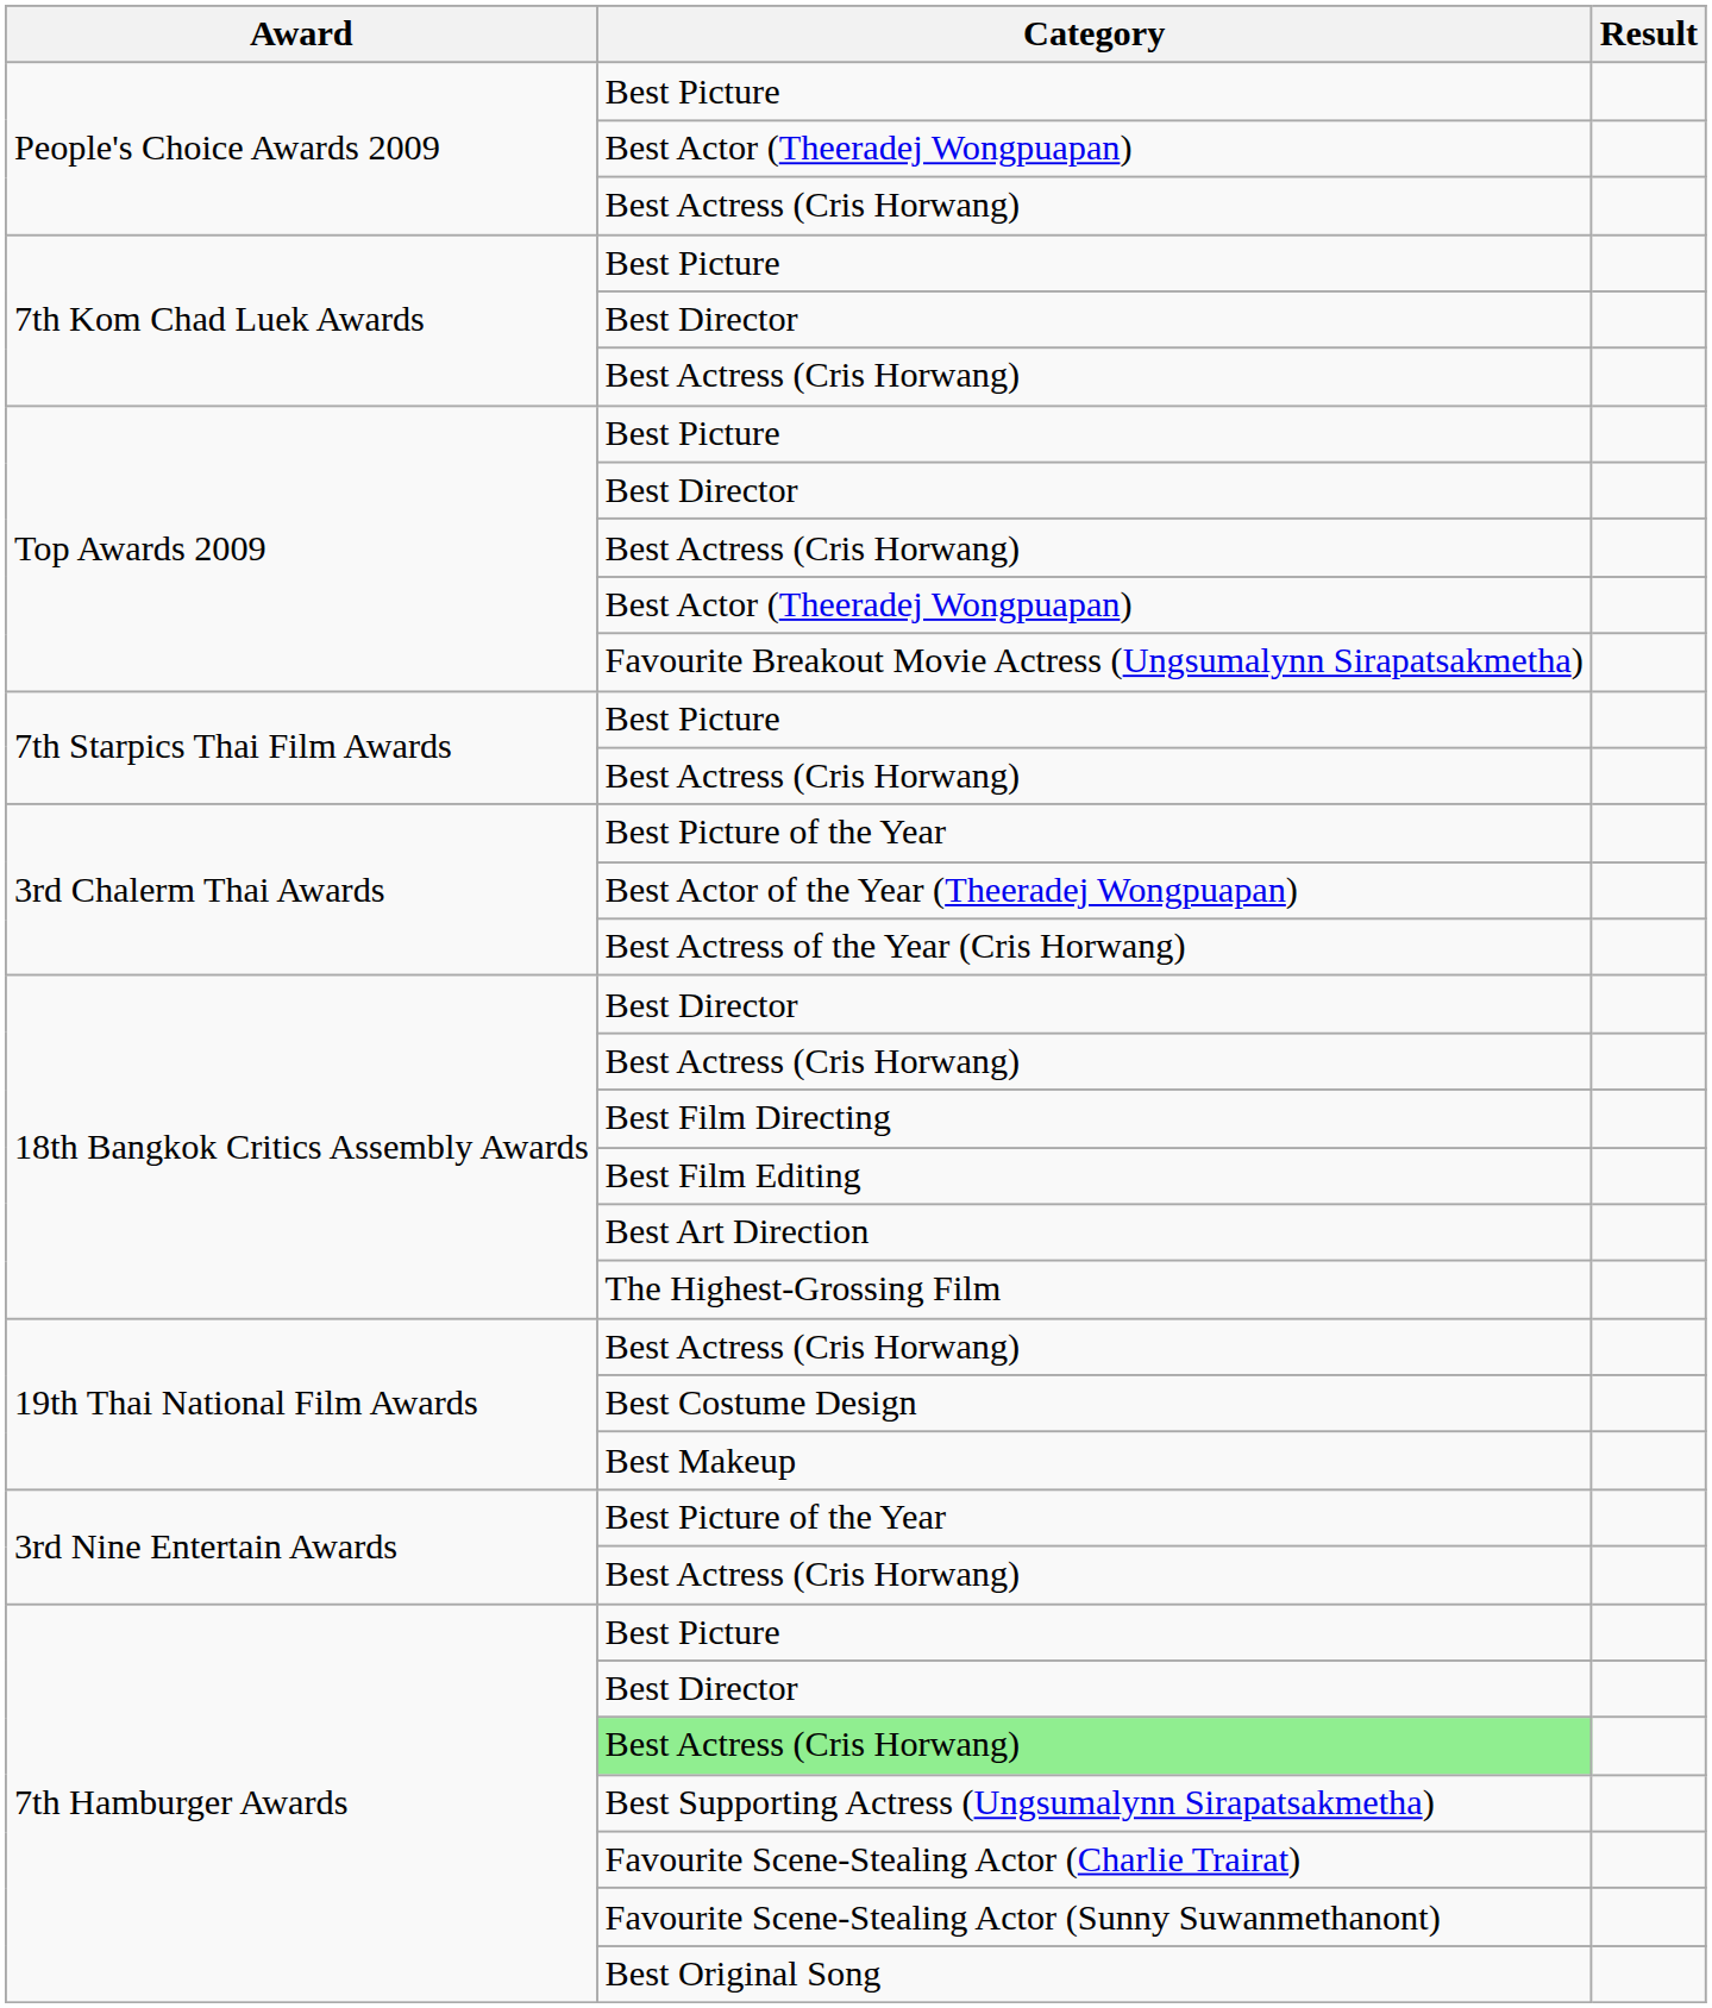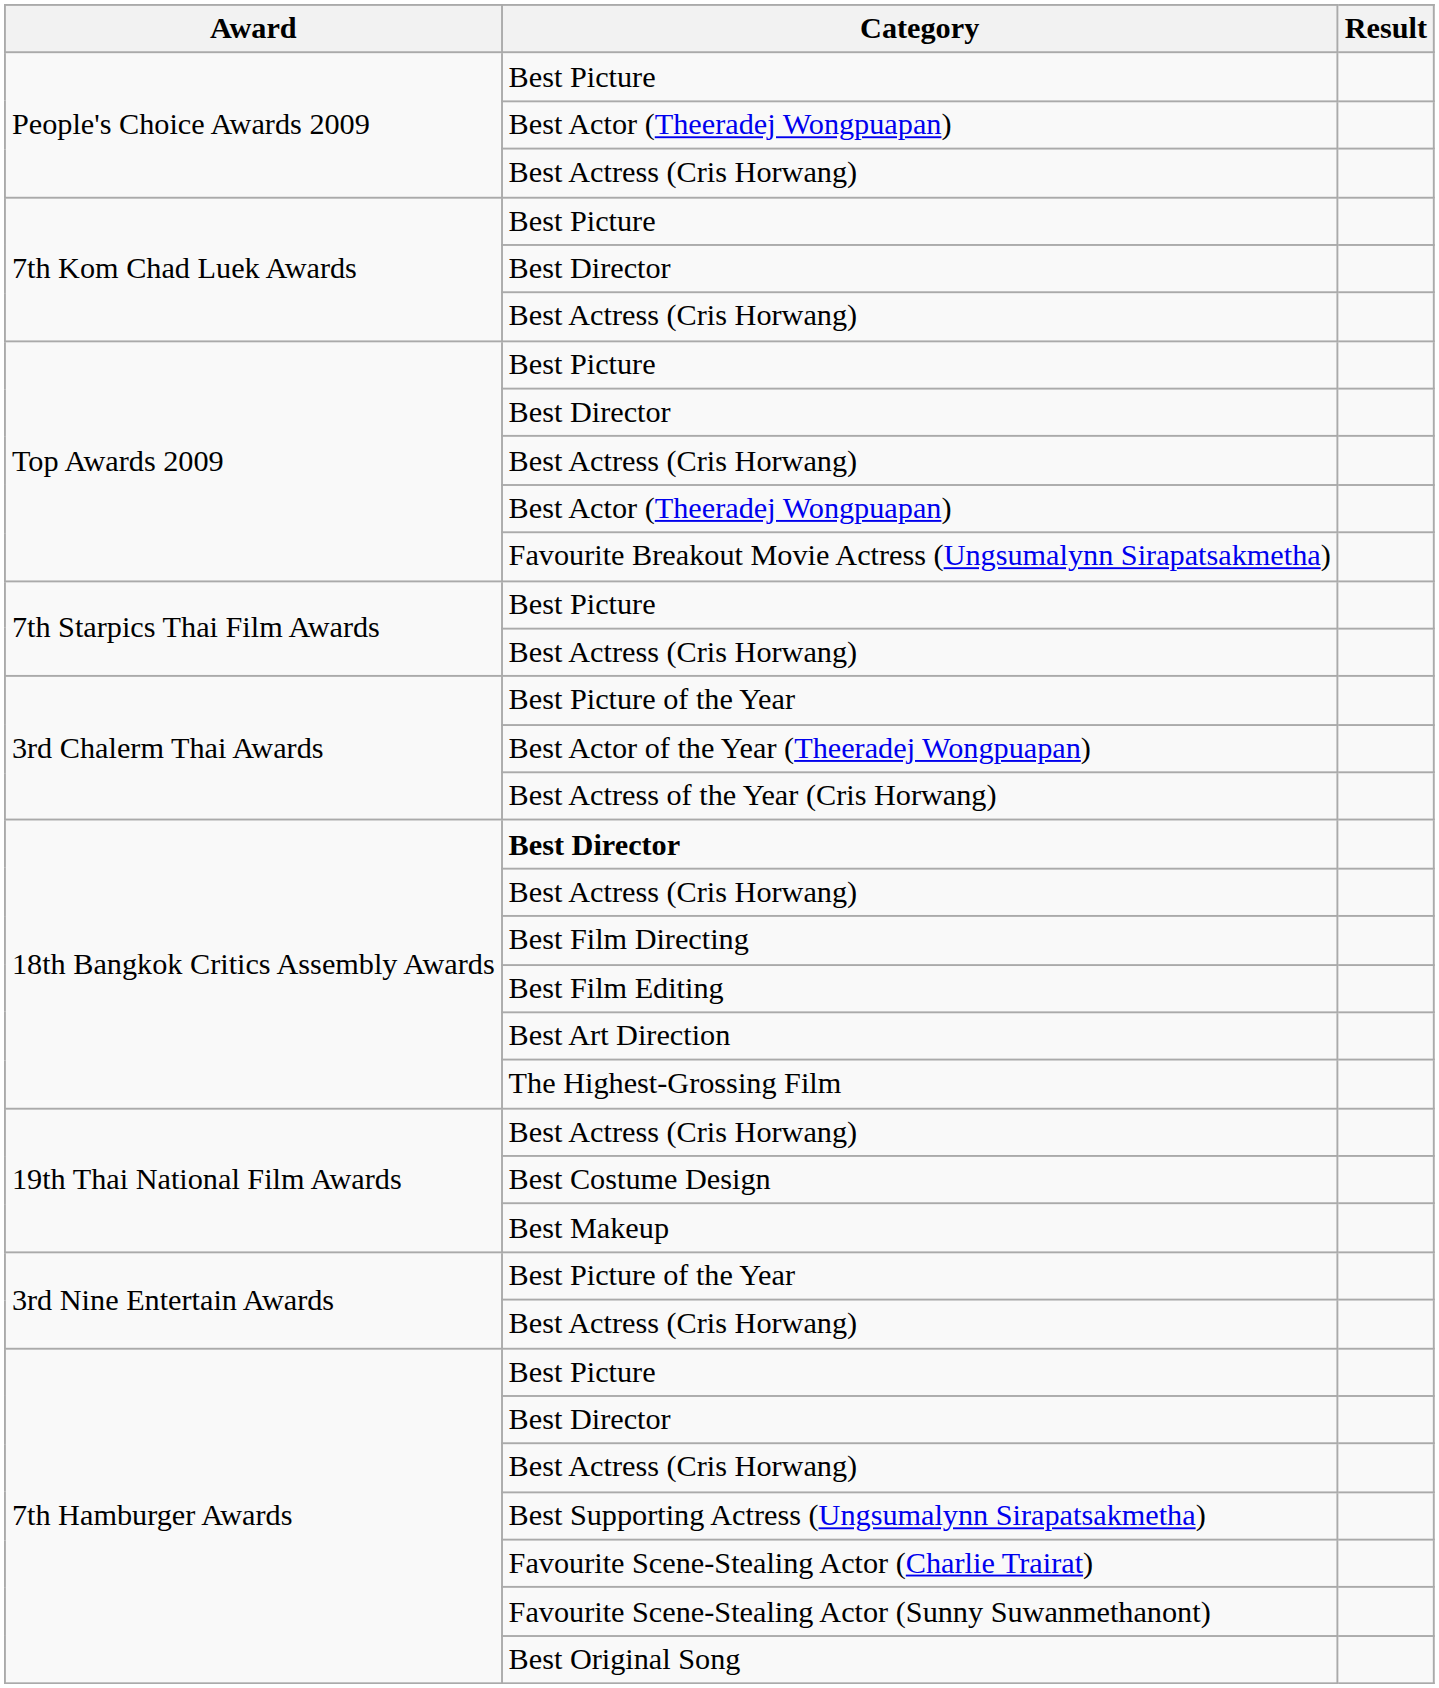 <table class="wikitable">
 <tr>
 <th>Award</th>
 <th>Category</th>
 <th>Result</th>
 </tr>
 <tr>
 <td rowspan="3">People's Choice Awards 2009</td>
 <td>Best Picture</td>
 <td></td>
 </tr>
 <tr>
 <td>Best Actor (<a href='#'>Theeradej Wongpuapan</a>)</td>
 <td></td>
 </tr>
 <tr>
 <td>Best Actress (Cris Horwang)</td>
 <td></td>
 </tr>
 <tr>
 <td rowspan="3">7th Kom Chad Luek Awards</td>
 <td>Best Picture</td>
 <td></td>
 </tr>
 <tr>
 <td>Best Director</td>
 <td></td>
 </tr>
 <tr>
 <td>Best Actress (Cris Horwang)</td>
 <td></td>
 </tr>
 <tr>
 <td rowspan="5">Top Awards 2009</td>
 <td>Best Picture</td>
 <td></td>
 </tr>
 <tr>
 <td>Best Director</td>
 <td></td>
 </tr>
 <tr>
 <td>Best Actress (Cris Horwang)</td>
 <td></td>
 </tr>
 <tr>
 <td>Best Actor (<a href='#'>Theeradej Wongpuapan</a>)</td>
 <td></td>
 </tr>
 <tr>
 <td>Favourite Breakout Movie Actress (<a href='#'>Ungsumalynn Sirapatsakmetha</a>)</td>
 <td></td>
 </tr>
 <tr>
 <td rowspan="2">7th Starpics Thai Film Awards</td>
 <td>Best Picture</td>
 <td></td>
 </tr>
 <tr>
 <td>Best Actress (Cris Horwang)</td>
 <td></td>
 </tr>
 <tr>
 <td rowspan="3">3rd Chalerm Thai Awards</td>
 <td>Best Picture of the Year</td>
 <td></td>
 </tr>
 <tr>
 <td>Best Actor of the Year (<a href='#'>Theeradej Wongpuapan</a>)</td>
 <td></td>
 </tr>
 <tr>
 <td>Best Actress of the Year (Cris Horwang)</td>
 <td></td>
 </tr>
 <tr>
 <td rowspan="6">18th Bangkok Critics Assembly Awards</td>
-<td>Best Director</td>
+<td><strong>Best Director</strong></td>
 <td></td>
 </tr>
 <tr>
 <td>Best Actress (Cris Horwang)</td>
 <td></td>
 </tr>
 <tr>
 <td>Best Film Directing</td>
 <td></td>
 </tr>
 <tr>
 <td>Best Film Editing</td>
 <td></td>
 </tr>
 <tr>
 <td>Best Art Direction</td>
 <td></td>
 </tr>
 <tr>
 <td>The Highest-Grossing Film</td>
 <td></td>
 </tr>
 <tr>
 <td rowspan="3">19th Thai National Film Awards</td>
 <td>Best Actress (Cris Horwang)</td>
 <td></td>
 </tr>
 <tr>
 <td>Best Costume Design</td>
 <td></td>
 </tr>
 <tr>
 <td>Best Makeup</td>
 <td></td>
 </tr>
 <tr>
 <td rowspan="2">3rd Nine Entertain Awards</td>
 <td>Best Picture of the Year</td>
 <td></td>
 </tr>
 <tr>
 <td>Best Actress (Cris Horwang)</td>
 <td></td>
 </tr>
 <tr>
 <td rowspan="7">7th Hamburger Awards</td>
 <td>Best Picture</td>
 <td></td>
 </tr>
 <tr>
 <td>Best Director</td>
 <td></td>
 </tr>
 <tr>
-<td style="background: lightgreen;">Best Actress (Cris Horwang)</td>
+<td>Best Actress (Cris Horwang)</td>
 <td></td>
 </tr>
 <tr>
 <td>Best Supporting Actress (<a href='#'>Ungsumalynn Sirapatsakmetha</a>)</td>
 <td></td>
 </tr>
 <tr>
 <td>Favourite Scene-Stealing Actor (<a href='#'>Charlie Trairat</a>)</td>
 <td></td>
 </tr>
 <tr>
 <td>Favourite Scene-Stealing Actor (Sunny Suwanmethanont)</td>
 <td></td>
 </tr>
 <tr>
 <td>Best Original Song</td>
 <td></td>
 </tr>
 </table>
